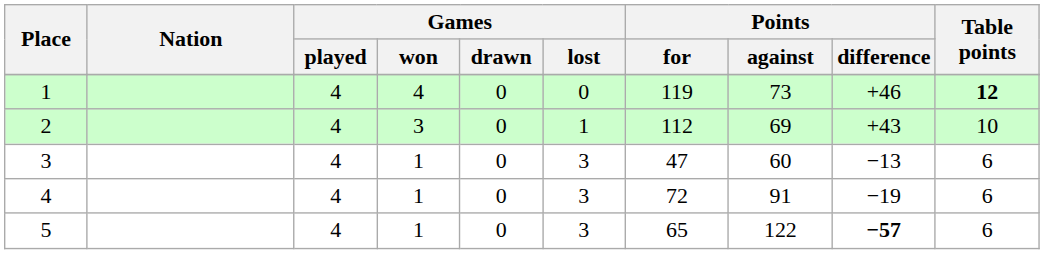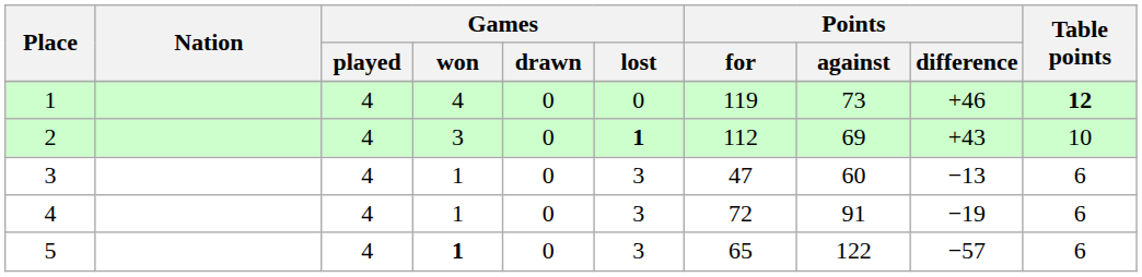 <table class="wikitable">
 <tr>
 <th rowspan=2 width="8%">Place</th>
 <th rowspan=2 width="20%">Nation</th>
 <th colspan=4 width="32%">Games</th>
 <th colspan=3 width="30%">Points</th>
 <th rowspan=2 width="10%">Table<br>points</th>
 </tr>
 <tr>
 <th width="8%">played</th>
 <th width="8%">won</th>
 <th width="8%">drawn</th>
 <th width="8%">lost</th>
 <th width="10%">for</th>
 <th width="10%">against</th>
 <th width="10%">difference</th>
 </tr>
 <tr>
 </tr>
 <tr bgcolor=#ccffcc align=center>
 <td>1</td>
 <td align=left></td>
 <td>4</td>
 <td>4</td>
 <td>0</td>
 <td>0</td>
 <td>119</td>
 <td>73</td>
 <td>+46</td>
 <td><strong>12</strong></td>
 </tr>
 <tr bgcolor=#ccffcc align=center>
 <td>2</td>
 <td align=left></td>
 <td>4</td>
 <td>3</td>
 <td>0</td>
-<td>1</td>
+<td><strong>1</strong></td>
 <td>112</td>
 <td>69</td>
 <td>+43</td>
 <td>10</td>
 </tr>
 <tr bgcolor=#ffffff align=center>
 <td>3</td>
 <td align=left></td>
 <td>4</td>
 <td>1</td>
 <td>0</td>
 <td>3</td>
 <td>47</td>
 <td>60</td>
 <td>−13</td>
 <td>6</td>
 </tr>
 <tr bgcolor=#ffffff align=center>
 <td>4</td>
 <td align=left></td>
 <td>4</td>
 <td>1</td>
 <td>0</td>
 <td>3</td>
 <td>72</td>
 <td>91</td>
 <td>−19</td>
 <td>6</td>
 </tr>
 <tr bgcolor=#ffffff align=center>
 <td>5</td>
 <td align=left></td>
 <td>4</td>
-<td>1</td>
+<td><strong>1</strong></td>
 <td>0</td>
 <td>3</td>
 <td>65</td>
 <td>122</td>
-<td><strong>−57</strong></td>
+<td>−57</td>
 <td>6</td>
 </tr>
 </table>
